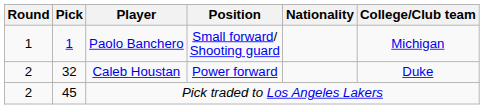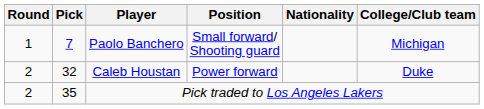 <table class="wikitable sortable sortable">
 <tr>
 <th>Round</th>
 <th>Pick</th>
 <th>Player</th>
 <th>Position</th>
 <th>Nationality</th>
 <th>College/Club team</th>
 </tr>
 <tr style="text-align: center">
 <td>1</td>
-<td><a href='#'>1</a></td>
+<td><a href='#'>7</a></td>
 <td><a href='#'>Paolo Banchero</a></td>
 <td><a href='#'>Small forward</a>/<br><a href='#'>Shooting guard</a></td>
 <td><br></td>
 <td><a href='#'>Michigan</a></td>
 </tr>
 <tr style="text-align: center">
 <td>2</td>
 <td>32</td>
 <td><a href='#'>Caleb Houstan</a></td>
 <td><a href='#'>Power forward</a></td>
 <td></td>
 <td><a href='#'>Duke</a></td>
 </tr>
 <tr style="text-align: center">
 <td>2</td>
-<td>45</td>
+<td>35</td>
 <td colspan="4"><em>Pick traded to <a href='#'>Los Angeles Lakers</a></em></td>
 </tr>
 </table>
